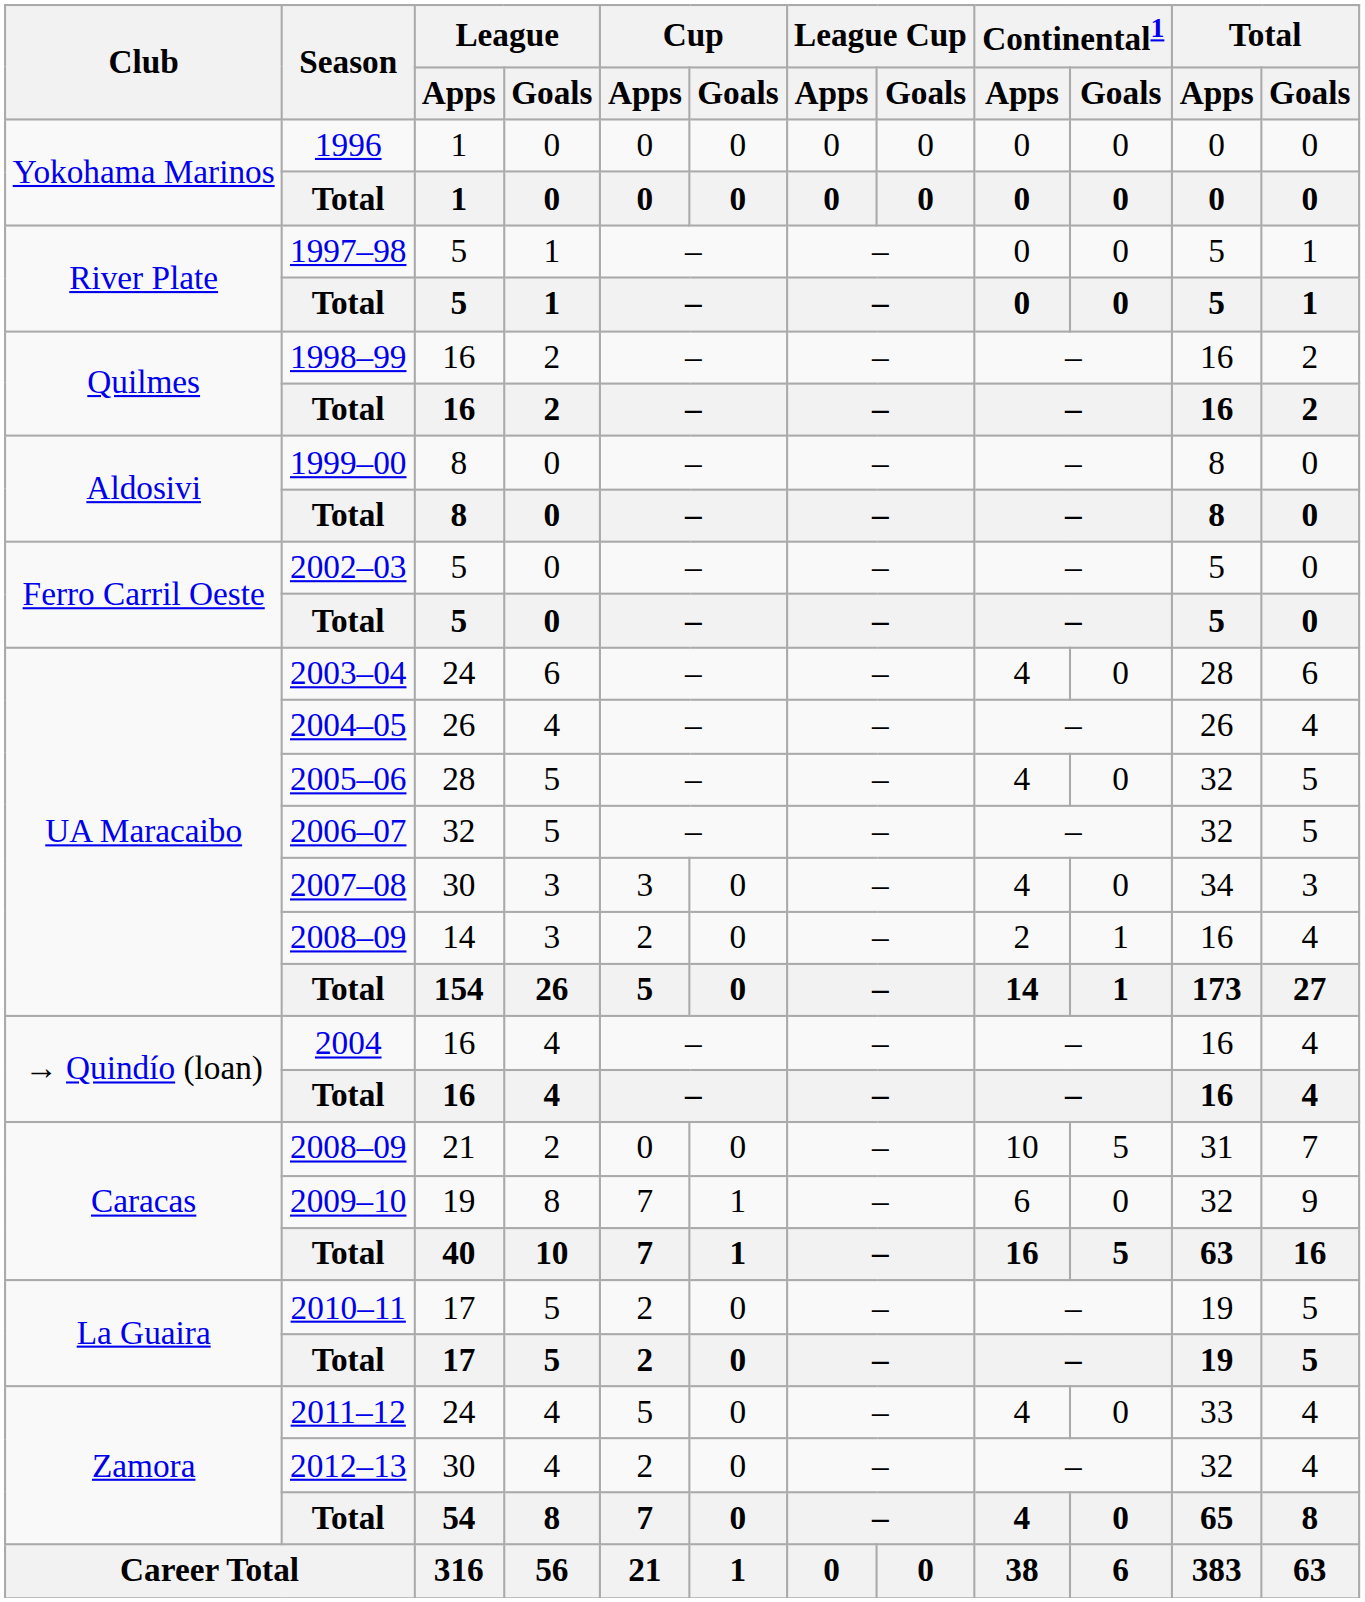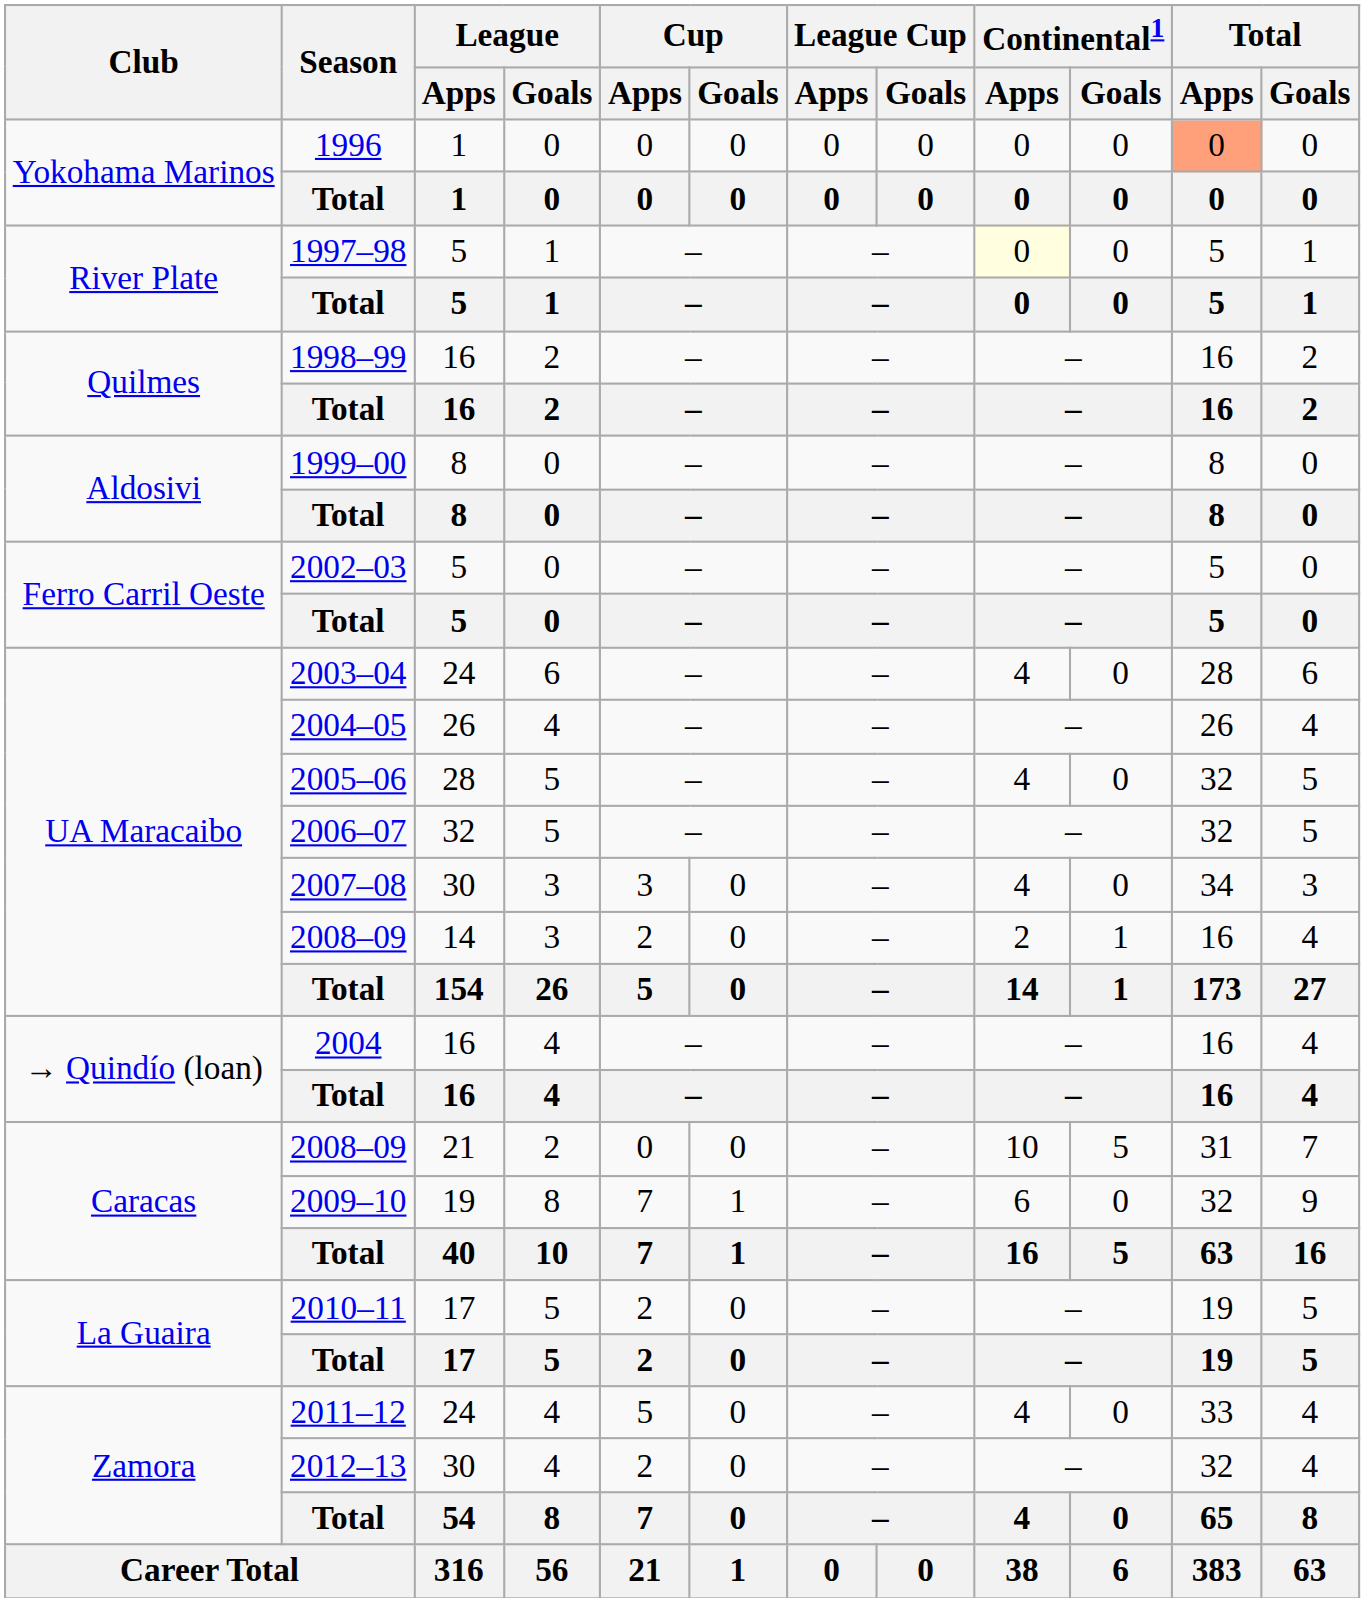 <table class="wikitable" style="text-align:center">
 <tr>
 <th rowspan="2">Club</th>
 <th rowspan="2">Season</th>
 <th colspan="2">League</th>
 <th colspan="2">Cup</th>
 <th colspan="2">League Cup</th>
 <th colspan="2">Continental<sup><a href='#'>1</a></sup></th>
 <th colspan="2">Total</th>
 </tr>
 <tr>
 <th>Apps</th>
 <th>Goals</th>
 <th>Apps</th>
 <th>Goals</th>
 <th>Apps</th>
 <th>Goals</th>
 <th>Apps</th>
 <th>Goals</th>
 <th>Apps</th>
 <th>Goals</th>
 </tr>
 <tr>
 <td rowspan="2"><a href='#'>Yokohama Marinos</a></td>
 <td><a href='#'>1996</a></td>
 <td>1</td>
 <td>0</td>
 <td>0</td>
 <td>0</td>
 <td>0</td>
 <td>0</td>
 <td>0</td>
 <td>0</td>
-<td>0</td>
+<td style="background: lightsalmon;">0</td>
 <td>0</td>
 </tr>
 <tr>
 <th>Total</th>
 <th>1</th>
 <th>0</th>
 <th>0</th>
 <th>0</th>
 <th>0</th>
 <th>0</th>
 <th>0</th>
 <th>0</th>
 <th>0</th>
 <th>0</th>
 </tr>
 <tr>
 <td rowspan="2"><a href='#'>River Plate</a></td>
 <td><a href='#'>1997–98</a></td>
 <td>5</td>
 <td>1</td>
 <td colspan="2">–</td>
 <td colspan="2">–</td>
-<td>0</td>
+<td style="background: lightyellow;">0</td>
 <td>0</td>
 <td>5</td>
 <td>1</td>
 </tr>
 <tr>
 <th>Total</th>
 <th>5</th>
 <th>1</th>
 <th colspan="2">–</th>
 <th colspan="2">–</th>
 <th>0</th>
 <th>0</th>
 <th>5</th>
 <th>1</th>
 </tr>
 <tr>
 <td rowspan="2"><a href='#'>Quilmes</a></td>
 <td><a href='#'>1998–99</a></td>
 <td>16</td>
 <td>2</td>
 <td colspan="2">–</td>
 <td colspan="2">–</td>
 <td colspan="2">–</td>
 <td>16</td>
 <td>2</td>
 </tr>
 <tr>
 <th>Total</th>
 <th>16</th>
 <th>2</th>
 <th colspan="2">–</th>
 <th colspan="2">–</th>
 <th colspan="2">–</th>
 <th>16</th>
 <th>2</th>
 </tr>
 <tr>
 <td rowspan="2"><a href='#'>Aldosivi</a></td>
 <td><a href='#'>1999–00</a></td>
 <td>8</td>
 <td>0</td>
 <td colspan="2">–</td>
 <td colspan="2">–</td>
 <td colspan="2">–</td>
 <td>8</td>
 <td>0</td>
 </tr>
 <tr>
 <th>Total</th>
 <th>8</th>
 <th>0</th>
 <th colspan="2">–</th>
 <th colspan="2">–</th>
 <th colspan="2">–</th>
 <th>8</th>
 <th>0</th>
 </tr>
 <tr>
 <td rowspan="2"><a href='#'>Ferro Carril Oeste</a></td>
 <td><a href='#'>2002–03</a></td>
 <td>5</td>
 <td>0</td>
 <td colspan="2">–</td>
 <td colspan="2">–</td>
 <td colspan="2">–</td>
 <td>5</td>
 <td>0</td>
 </tr>
 <tr>
 <th>Total</th>
 <th>5</th>
 <th>0</th>
 <th colspan="2">–</th>
 <th colspan="2">–</th>
 <th colspan="2">–</th>
 <th>5</th>
 <th>0</th>
 </tr>
 <tr>
 <td rowspan="7"><a href='#'>UA Maracaibo</a></td>
 <td><a href='#'>2003–04</a></td>
 <td>24</td>
 <td>6</td>
 <td colspan="2">–</td>
 <td colspan="2">–</td>
 <td>4</td>
 <td>0</td>
 <td>28</td>
 <td>6</td>
 </tr>
 <tr>
 <td><a href='#'>2004–05</a></td>
 <td>26</td>
 <td>4</td>
 <td colspan="2">–</td>
 <td colspan="2">–</td>
 <td colspan="2">–</td>
 <td>26</td>
 <td>4</td>
 </tr>
 <tr>
 <td><a href='#'>2005–06</a></td>
 <td>28</td>
 <td>5</td>
 <td colspan="2">–</td>
 <td colspan="2">–</td>
 <td>4</td>
 <td>0</td>
 <td>32</td>
 <td>5</td>
 </tr>
 <tr>
 <td><a href='#'>2006–07</a></td>
 <td>32</td>
 <td>5</td>
 <td colspan="2">–</td>
 <td colspan="2">–</td>
 <td colspan="2">–</td>
 <td>32</td>
 <td>5</td>
 </tr>
 <tr>
 <td><a href='#'>2007–08</a></td>
 <td>30</td>
 <td>3</td>
 <td>3</td>
 <td>0</td>
 <td colspan="2">–</td>
 <td>4</td>
 <td>0</td>
 <td>34</td>
 <td>3</td>
 </tr>
 <tr>
 <td><a href='#'>2008–09</a></td>
 <td>14</td>
 <td>3</td>
 <td>2</td>
 <td>0</td>
 <td colspan="2">–</td>
 <td>2</td>
 <td>1</td>
 <td>16</td>
 <td>4</td>
 </tr>
 <tr>
 <th>Total</th>
 <th>154</th>
 <th>26</th>
 <th>5</th>
 <th>0</th>
 <th colspan="2">–</th>
 <th>14</th>
 <th>1</th>
 <th>173</th>
 <th>27</th>
 </tr>
 <tr>
 <td rowspan="2">→ <a href='#'>Quindío</a> (loan)</td>
 <td><a href='#'>2004</a></td>
 <td>16</td>
 <td>4</td>
 <td colspan="2">–</td>
 <td colspan="2">–</td>
 <td colspan="2">–</td>
 <td>16</td>
 <td>4</td>
 </tr>
 <tr>
 <th>Total</th>
 <th>16</th>
 <th>4</th>
 <th colspan="2">–</th>
 <th colspan="2">–</th>
 <th colspan="2">–</th>
 <th>16</th>
 <th>4</th>
 </tr>
 <tr>
 <td rowspan="3"><a href='#'>Caracas</a></td>
 <td><a href='#'>2008–09</a></td>
 <td>21</td>
 <td>2</td>
 <td>0</td>
 <td>0</td>
 <td colspan="2">–</td>
 <td>10</td>
 <td>5</td>
 <td>31</td>
 <td>7</td>
 </tr>
 <tr>
 <td><a href='#'>2009–10</a></td>
 <td>19</td>
 <td>8</td>
 <td>7</td>
 <td>1</td>
 <td colspan="2">–</td>
 <td>6</td>
 <td>0</td>
 <td>32</td>
 <td>9</td>
 </tr>
 <tr>
 <th>Total</th>
 <th>40</th>
 <th>10</th>
 <th>7</th>
 <th>1</th>
 <th colspan="2">–</th>
 <th>16</th>
 <th>5</th>
 <th>63</th>
 <th>16</th>
 </tr>
 <tr>
 <td rowspan="2"><a href='#'>La Guaira</a></td>
 <td><a href='#'>2010–11</a></td>
 <td>17</td>
 <td>5</td>
 <td>2</td>
 <td>0</td>
 <td colspan="2">–</td>
 <td colspan="2">–</td>
 <td>19</td>
 <td>5</td>
 </tr>
 <tr>
 <th>Total</th>
 <th>17</th>
 <th>5</th>
 <th>2</th>
 <th>0</th>
 <th colspan="2">–</th>
 <th colspan="2">–</th>
 <th>19</th>
 <th>5</th>
 </tr>
 <tr>
 <td rowspan="3"><a href='#'>Zamora</a></td>
 <td><a href='#'>2011–12</a></td>
 <td>24</td>
 <td>4</td>
 <td>5</td>
 <td>0</td>
 <td colspan="2">–</td>
 <td>4</td>
 <td>0</td>
 <td>33</td>
 <td>4</td>
 </tr>
 <tr>
 <td><a href='#'>2012–13</a></td>
 <td>30</td>
 <td>4</td>
 <td>2</td>
 <td>0</td>
 <td colspan="2">–</td>
 <td colspan="2">–</td>
 <td>32</td>
 <td>4</td>
 </tr>
 <tr>
 <th>Total</th>
 <th>54</th>
 <th>8</th>
 <th>7</th>
 <th>0</th>
 <th colspan="2">–</th>
 <th>4</th>
 <th>0</th>
 <th>65</th>
 <th>8</th>
 </tr>
 <tr>
 <th colspan="2">Career Total</th>
 <th>316</th>
 <th>56</th>
 <th>21</th>
 <th>1</th>
 <th>0</th>
 <th>0</th>
 <th>38</th>
 <th>6</th>
 <th>383</th>
 <th>63</th>
 </tr>
 </table>
